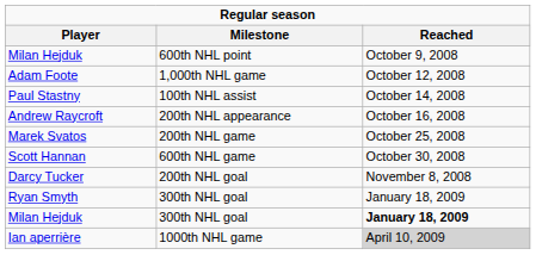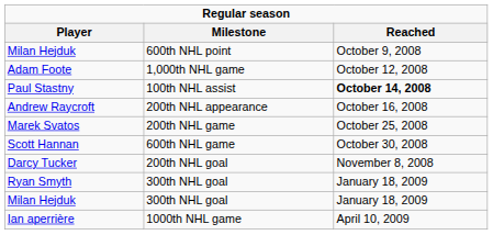 <table class="wikitable" width="52%">
 <tr>
 <td colspan="10" align="center"><strong>Regular season</strong></td>
 </tr>
 <tr align="center"  bgcolor="#dddddd">
 <th>Player</th>
 <th>Milestone</th>
 <th>Reached</th>
 </tr>
 <tr>
 <td><a href='#'>Milan Hejduk</a></td>
 <td>600th NHL point</td>
 <td>October 9, 2008</td>
 </tr>
 <tr>
 <td><a href='#'>Adam Foote</a></td>
 <td>1,000th NHL game</td>
 <td>October 12, 2008</td>
 </tr>
 <tr>
 <td><a href='#'>Paul Stastny</a></td>
 <td>100th NHL assist</td>
-<td>October 14, 2008</td>
+<td><strong>October 14, 2008</strong></td>
 </tr>
 <tr>
 <td><a href='#'>Andrew Raycroft</a></td>
 <td>200th NHL appearance</td>
 <td>October 16, 2008</td>
 </tr>
 <tr>
 <td><a href='#'>Marek Svatos</a></td>
 <td>200th NHL game</td>
 <td>October 25, 2008</td>
 </tr>
 <tr>
 <td><a href='#'>Scott Hannan</a></td>
 <td>600th NHL game</td>
 <td>October 30, 2008</td>
 </tr>
 <tr>
 <td><a href='#'>Darcy Tucker</a></td>
 <td>200th NHL goal</td>
 <td>November 8, 2008</td>
 </tr>
 <tr>
 <td><a href='#'>Ryan Smyth</a></td>
 <td>300th NHL goal</td>
 <td>January 18, 2009</td>
 </tr>
 <tr>
 <td><a href='#'>Milan Hejduk</a></td>
 <td>300th NHL goal</td>
-<td><strong>January 18, 2009</strong></td>
+<td>January 18, 2009</td>
 </tr>
 <tr>
 <td><a href='#'>Ian aperrière</a></td>
 <td>1000th NHL game</td>
-<td style="background: lightgrey;">April 10, 2009</td>
+<td>April 10, 2009</td>
 </tr>
 </table>
